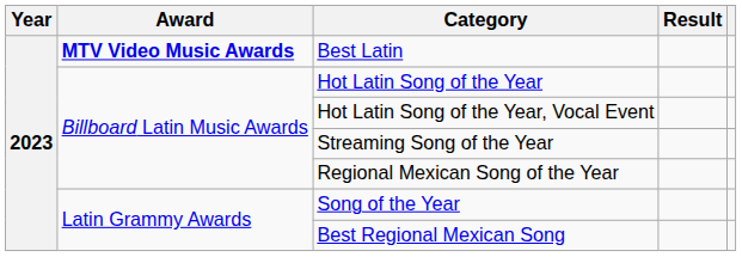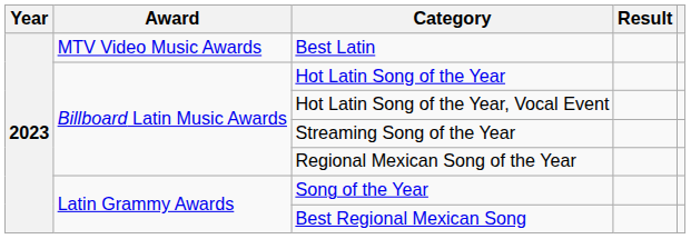 <table class="wikitable sortable plainrowheaders" style="border:none; margin:0;">
 <tr>
 <th scope="col">Year</th>
 <th scope="col">Award</th>
 <th scope="col">Category</th>
 <th scope="col">Result</th>
 <th class="unsortable" scope="col"></th>
 </tr>
 <tr>
 <th rowspan="7">2023</th>
-<td><strong><a href='#'>MTV Video Music Awards</a></strong></td>
+<td><a href='#'>MTV Video Music Awards</a></td>
 <td><a href='#'>Best Latin</a></td>
 <td></td>
 <td></td>
 </tr>
 <tr>
 <td rowspan="4"><a href='#'><em>Billboard</em> Latin Music Awards</a></td>
 <td><a href='#'>Hot Latin Song of the Year</a></td>
 <td></td>
 <td></td>
 </tr>
 <tr>
 <td>Hot Latin Song of the Year, Vocal Event</td>
 <td></td>
 <td></td>
 </tr>
 <tr>
 <td>Streaming Song of the Year</td>
 <td></td>
 <td></td>
 </tr>
 <tr>
 <td>Regional Mexican Song of the Year</td>
 <td></td>
 <td></td>
 </tr>
 <tr>
 <td rowspan="2"><a href='#'>Latin Grammy Awards</a></td>
 <td><a href='#'>Song of the Year</a></td>
 <td></td>
 <td></td>
 </tr>
 <tr>
 <td><a href='#'>Best Regional Mexican Song</a></td>
 <td></td>
 <td></td>
 </tr>
 </table>
